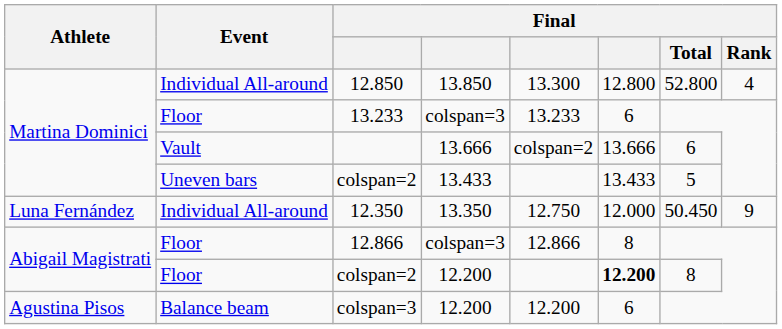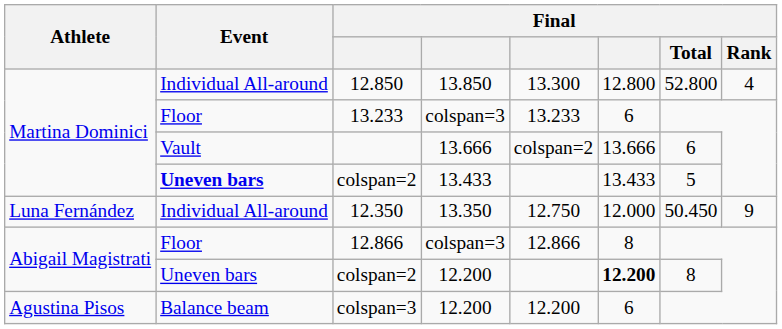 <table class="wikitable" style="font-size:90%">
 <tr>
 <th rowspan="2">Athlete</th>
 <th rowspan="2">Event</th>
 <th colspan = "6">Final</th>
 </tr>
 <tr>
 <th></th>
 <th></th>
 <th></th>
 <th></th>
 <th>Total</th>
 <th>Rank</th>
 </tr>
 <tr style="text-align:center">
 <td style="text-align:left" rowspan=4><a href='#'>Martina Dominici</a></td>
 <td style="text-align:left"><a href='#'>Individual All-around</a></td>
 <td>12.850</td>
 <td>13.850</td>
 <td>13.300</td>
 <td>12.800</td>
 <td>52.800</td>
 <td>4</td>
 </tr>
 <tr style="text-align:center">
 <td style="text-align:left"><a href='#'>Floor</a></td>
 <td>13.233</td>
 <td>colspan=3 </td>
 <td>13.233</td>
 <td>6</td>
 </tr>
 <tr style="text-align:center">
 <td style="text-align:left"><a href='#'>Vault</a></td>
 <td></td>
 <td>13.666</td>
 <td>colspan=2 </td>
 <td>13.666</td>
 <td>6</td>
 </tr>
 <tr style="text-align:center">
-<td style="text-align:left"><a href='#'>Uneven bars</a></td>
+<td style="text-align:left"><strong><a href='#'>Uneven bars</a></strong></td>
 <td>colspan=2 </td>
 <td>13.433</td>
 <td></td>
 <td>13.433</td>
 <td>5</td>
 </tr>
 <tr style="text-align:center">
 <td style="text-align:left"><a href='#'>Luna Fernández</a></td>
 <td style="text-align:left"><a href='#'>Individual All-around</a></td>
 <td>12.350</td>
 <td>13.350</td>
 <td>12.750</td>
 <td>12.000</td>
 <td>50.450</td>
 <td>9</td>
 </tr>
 <tr style="text-align:center">
 <td style="text-align:left" rowspan=2><a href='#'>Abigail Magistrati</a></td>
 <td style="text-align:left"><a href='#'>Floor</a></td>
 <td>12.866</td>
 <td>colspan=3 </td>
 <td>12.866</td>
 <td>8</td>
 </tr>
 <tr style="text-align:center">
-<td style="text-align:left"><a href='#'>Floor</a></td>
+<td style="text-align:left"><a href='#'>Uneven bars</a></td>
 <td>colspan=2 </td>
 <td>12.200</td>
 <td></td>
 <td><strong>12.200</strong></td>
 <td>8</td>
 </tr>
 <tr style="text-align:center">
 <td style="text-align:left" rowspan=1><a href='#'>Agustina Pisos</a></td>
 <td style="text-align:left"><a href='#'>Balance beam</a></td>
 <td>colspan=3 </td>
 <td>12.200</td>
 <td>12.200</td>
 <td>6</td>
 </tr>
 </table>
